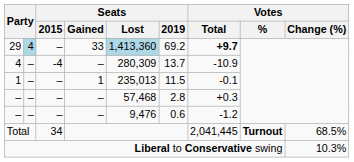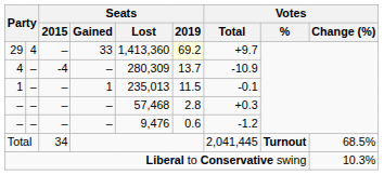 <table class="wikitable" style="text-align:right;">
 <tr>
 <th colspan="2" rowspan="2">Party</th>
 <th colspan="4">Seats</th>
 <th colspan="3">Votes</th>
 </tr>
 <tr>
 <th>2015</th>
 <th>Gained</th>
 <th>Lost</th>
 <th>2019</th>
 <th>Total</th>
 <th>%</th>
 <th>Change (%)</th>
 </tr>
 <tr>
 <td>29</td>
-<td style="background: lightblue;">4</td>
+<td>4</td>
 <td>–</td>
 <td>33</td>
-<td style="background: lightblue;">1,413,360</td>
-<td>69.2</td>
-<td><strong>+9.7</strong></td>
+<td>1,413,360</td>
+<td style="background: lightyellow;">69.2</td>
+<td>+9.7</td>
 </tr>
 <tr>
 <td>4</td>
 <td>–</td>
 <td>-4</td>
 <td>–</td>
 <td>280,309</td>
 <td>13.7</td>
 <td>-10.9</td>
 </tr>
 <tr>
 <td>1</td>
 <td>–</td>
 <td>–</td>
 <td>1</td>
 <td>235,013</td>
 <td>11.5</td>
 <td>-0.1</td>
 </tr>
 <tr>
 <td>–</td>
 <td>–</td>
 <td>–</td>
 <td>–</td>
 <td>57,468</td>
 <td>2.8</td>
 <td>+0.3</td>
 </tr>
 <tr>
 <td>–</td>
 <td>–</td>
 <td>–</td>
 <td>–</td>
 <td>9,476</td>
 <td>0.6</td>
 <td>-1.2</td>
 </tr>
 <tr>
 <td colspan="2" style="text-align: left;">Total</td>
 <td>34</td>
 <td colspan="3"></td>
 <td>2,041,445</td>
 <td style="text-align: left;"><strong>Turnout</strong></td>
 <td>68.5%</td>
 </tr>
 <tr>
 <td colspan="8"><strong>Liberal</strong> to <strong>Conservative</strong> swing</td>
 <td>10.3%</td>
 </tr>
 </table>
